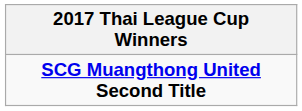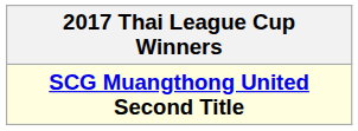 <table class="wikitable" style="text-align: center; margin: 0 auto; width: 20%">
 <tr>
 <th>2017 Thai League Cup<br>Winners</th>
 </tr>
 <tr>
-<td align="center"><strong><a href='#'>SCG Muangthong United</a></strong><br><strong>Second Title</strong></td>
+<td align="center" style="background: lightyellow;"><strong><a href='#'>SCG Muangthong United</a></strong><br><strong>Second Title</strong></td>
 </tr>
 </table>
